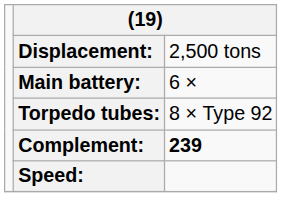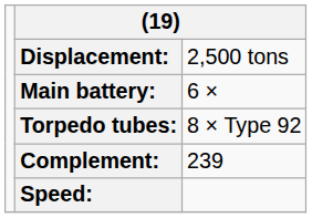 <table class="wikitable plainrowheaders" style="text-align:left">
 <tr valign="bottom">
 <td rowspan=6 style="text-align:center"></td>
 <th colspan=2 style="text-align:center"> (19)</th>
 </tr>
 <tr>
 <th style="text-align:left">Displacement:</th>
 <td>2,500 tons</td>
 </tr>
 <tr>
 <th style="text-align:left">Main battery:</th>
 <td>6 × </td>
 </tr>
 <tr>
 <th style="text-align:left">Torpedo tubes:</th>
 <td>8 × Type 92</td>
 </tr>
 <tr>
 <th style="text-align:left">Complement:</th>
-<td><strong>239</strong></td>
+<td>239</td>
 </tr>
 <tr>
 <th style="text-align:left">Speed:</th>
 <td></td>
 </tr>
 <tr>
 </tr>
 </table>
